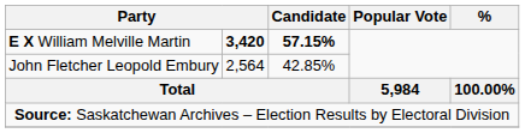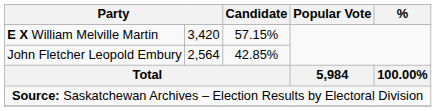 <table class="wikitable">
 <tr>
 <th colspan="2">Party</th>
 <th>Candidate</th>
 <th>Popular Vote</th>
 <th>%</th>
 </tr>
 <tr>
 <td><strong>E</strong> <strong>X</strong> William Melville Martin</td>
-<td align=center><strong>3,420</strong></td>
-<td align=center><strong>57.15%</strong></td>
+<td align=center>3,420</td>
+<td align=center>57.15%</td>
 </tr>
 <tr>
 <td>John Fletcher Leopold Embury</td>
 <td align=center>2,564</td>
 <td align=center>42.85%</td>
 </tr>
 <tr>
 <th colspan=3>Total</th>
 <th>5,984</th>
 <th>100.00%</th>
 </tr>
 <tr>
 <td align="center" colspan=5><strong>Source:</strong> Saskatchewan Archives – Election Results by Electoral Division</td>
 </tr>
 <tr>
 </tr>
 </table>
